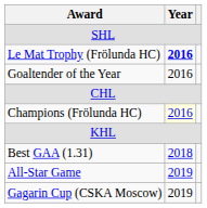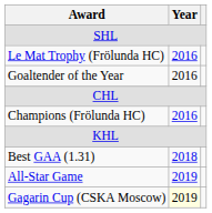 <table class="wikitable">
 <tr>
 <th>Award</th>
 <th>Year</th>
 <th></th>
 </tr>
 <tr ALIGN="center" bgcolor="#e0e0e0">
 <td colspan="3"><a href='#'>SHL</a></td>
 </tr>
 <tr>
 <td><a href='#'>Le Mat Trophy</a> (Frölunda HC)</td>
-<td><strong><a href='#'>2016</a></strong></td>
+<td><a href='#'>2016</a></td>
 <td></td>
 </tr>
 <tr>
 <td>Goaltender of the Year</td>
 <td>2016</td>
 <td></td>
 </tr>
 <tr ALIGN="center" bgcolor="#e0e0e0">
 <td colspan="3"><a href='#'>CHL</a></td>
 </tr>
 <tr>
 <td>Champions (Frölunda HC)</td>
-<td style="background: lightyellow;"><a href='#'>2016</a></td>
+<td><a href='#'>2016</a></td>
 <td></td>
 </tr>
 <tr ALIGN="center" bgcolor="#e0e0e0">
 <td colspan="3"><a href='#'>KHL</a></td>
 </tr>
 <tr>
 <td>Best <a href='#'>GAA</a> (1.31)</td>
 <td><a href='#'>2018</a></td>
 <td></td>
 </tr>
 <tr>
 <td><a href='#'>All-Star Game</a></td>
 <td><a href='#'>2019</a></td>
 <td></td>
 </tr>
 <tr>
 <td><a href='#'>Gagarin Cup</a> (CSKA Moscow)</td>
-<td>2019</td>
+<td style="background: lightyellow;">2019</td>
 <td></td>
 </tr>
 </table>
